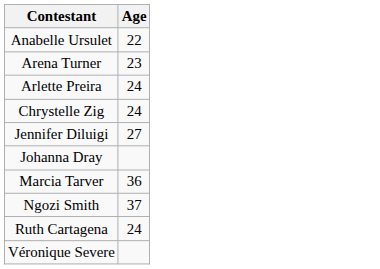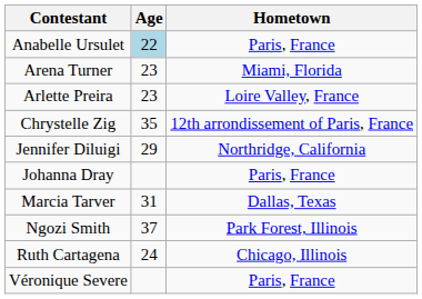 <table class="wikitable sortable" style="text-align:center;">
 <tr>
 <th>Contestant</th>
 <th>Age</th>
+<th>Hometown</th>
 </tr>
 <tr>
 <td>Anabelle Ursulet</td>
-<td>22</td>
+<td style="background: lightblue;">22</td>
+<td><a href='#'>Paris</a>, <a href='#'>France</a></td>
 </tr>
 <tr>
 <td>Arena Turner</td>
 <td>23</td>
+<td><a href='#'>Miami, Florida</a></td>
 </tr>
 <tr>
 <td>Arlette Preira</td>
-<td>24</td>
+<td>23</td>
+<td><a href='#'>Loire Valley</a>, <a href='#'>France</a></td>
 </tr>
 <tr>
 <td>Chrystelle Zig</td>
-<td>24</td>
+<td>35</td>
+<td><a href='#'>12th arrondissement of Paris</a>, <a href='#'>France</a></td>
 </tr>
 <tr>
 <td>Jennifer Diluigi</td>
-<td>27</td>
+<td>29</td>
+<td><a href='#'>Northridge, California</a></td>
 </tr>
 <tr>
 <td>Johanna Dray</td>
 <td></td>
+<td><a href='#'>Paris</a>, <a href='#'>France</a></td>
 </tr>
 <tr>
 <td>Marcia Tarver</td>
-<td>36</td>
+<td>31</td>
+<td><a href='#'>Dallas, Texas</a></td>
 </tr>
 <tr>
 <td>Ngozi Smith</td>
 <td>37</td>
+<td><a href='#'>Park Forest, Illinois</a></td>
 </tr>
 <tr>
 <td>Ruth Cartagena</td>
 <td>24</td>
+<td><a href='#'>Chicago, Illinois</a></td>
 </tr>
 <tr>
 <td>Véronique Severe</td>
 <td></td>
+<td><a href='#'>Paris</a>, <a href='#'>France</a></td>
 </tr>
 </table>
